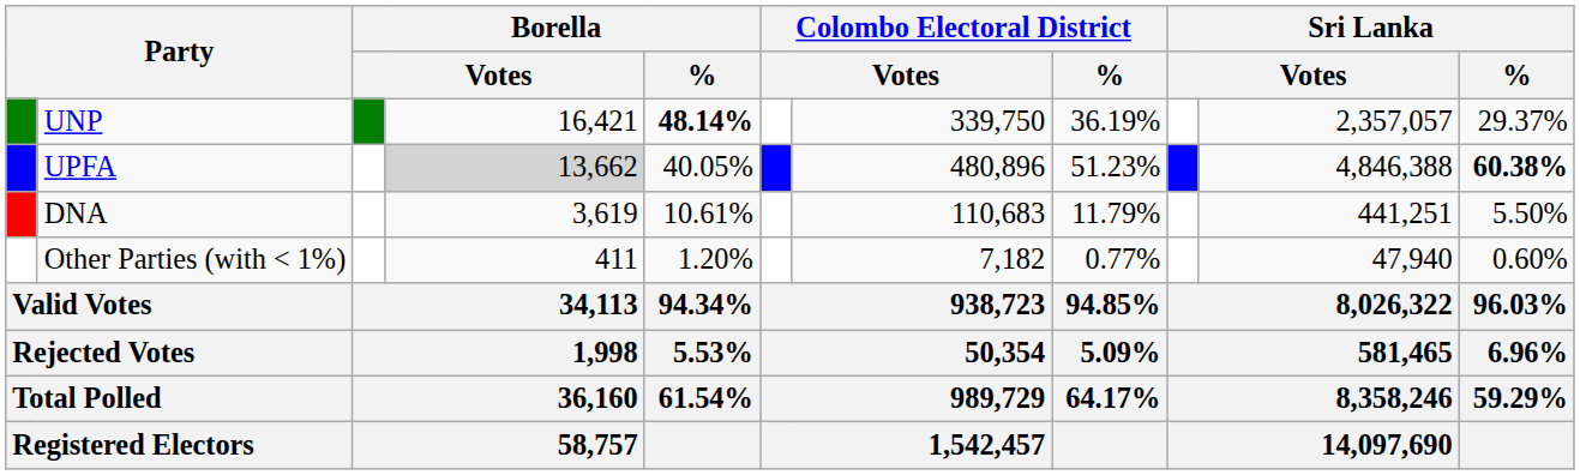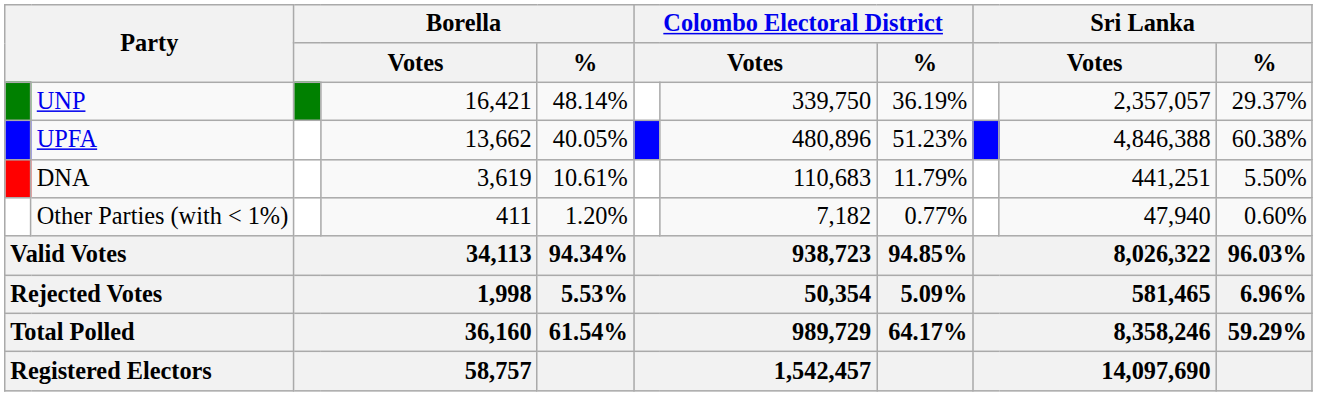 <table class="wikitable">
 <tr>
 <th colspan="2" width="144px"rowspan="2">Party</th>
 <th colspan="3" width="216px">Borella</th>
 <th colspan="3" width="216px"><a href='#'>Colombo Electoral District</a></th>
 <th colspan="3" width="216px">Sri Lanka</th>
 </tr>
 <tr>
 <th colspan="2" width="144px">Votes</th>
 <th>%</th>
 <th colspan="2" width="144px">Votes</th>
 <th>%</th>
 <th colspan="2" width="144px">Votes</th>
 <th>%</th>
 </tr>
 <tr>
 <td style="background-color:green;" width="10px"></td>
 <td style="text-align:left;"><a href='#'>UNP</a></td>
 <td style="background-color:green;" width="10px"></td>
 <td style="text-align:right;">16,421</td>
-<td style="text-align:right;"><strong>48.14%</strong></td>
+<td style="text-align:right;">48.14%</td>
 <td style="background-color:white;" width="10px"></td>
 <td style="text-align:right;">339,750</td>
 <td style="text-align:right;">36.19%</td>
 <td style="background-color:white;" width="10px"></td>
 <td style="text-align:right;">2,357,057</td>
 <td style="text-align:right;">29.37%</td>
 </tr>
 <tr>
 <td style="background-color:blue;" width="10px"></td>
 <td style="text-align:left;"><a href='#'>UPFA</a></td>
 <td style="background-color:white;" width="10px"></td>
-<td style="background: lightgrey; text-align:right;">13,662</td>
+<td style="text-align:right;">13,662</td>
 <td style="text-align:right;">40.05%</td>
 <td style="background-color:blue;" width="10px"></td>
 <td style="text-align:right;">480,896</td>
 <td style="text-align:right;">51.23%</td>
 <td style="background-color:blue;" width="10px"></td>
 <td style="text-align:right;">4,846,388</td>
-<td style="text-align:right;"><strong>60.38%</strong></td>
+<td style="text-align:right;">60.38%</td>
 </tr>
 <tr>
 <td style="background-color:red;" width="10px"></td>
 <td style="text-align:left;">DNA</td>
 <td style="background-color:white;" width="10px"></td>
 <td style="text-align:right;">3,619</td>
 <td style="text-align:right;">10.61%</td>
 <td style="background-color:white;" width="10px"></td>
 <td style="text-align:right;">110,683</td>
 <td style="text-align:right;">11.79%</td>
 <td style="background-color:white;" width="10px"></td>
 <td style="text-align:right;">441,251</td>
 <td style="text-align:right;">5.50%</td>
 </tr>
 <tr>
 <td style="background-color:white;" width="10px"></td>
 <td style="text-align:left;">Other Parties (with < 1%)</td>
 <td style="background-color:white;" width="10px"></td>
 <td style="text-align:right;">411</td>
 <td style="text-align:right;">1.20%</td>
 <td style="background-color:white;" width="10px"></td>
 <td style="text-align:right;">7,182</td>
 <td style="text-align:right;">0.77%</td>
 <td style="background-color:white;" width="10px"></td>
 <td style="text-align:right;">47,940</td>
 <td style="text-align:right;">0.60%</td>
 </tr>
 <tr>
 <th colspan="2" width="144px"style="text-align:left;">Valid Votes</th>
 <th style="text-align:right;"colspan="2" width="144px">34,113</th>
 <th style="text-align:right;">94.34%</th>
 <th style="text-align:right;"colspan="2" width="144px">938,723</th>
 <th style="text-align:right;">94.85%</th>
 <th style="text-align:right;"colspan="2" width="144px">8,026,322</th>
 <th style="text-align:right;">96.03%</th>
 </tr>
 <tr>
 <th colspan="2" width="144px"style="text-align:left;">Rejected Votes</th>
 <th style="text-align:right;"colspan="2" width="144px">1,998</th>
 <th style="text-align:right;">5.53%</th>
 <th style="text-align:right;"colspan="2" width="144px">50,354</th>
 <th style="text-align:right;">5.09%</th>
 <th style="text-align:right;"colspan="2" width="144px">581,465</th>
 <th style="text-align:right;">6.96%</th>
 </tr>
 <tr>
 <th colspan="2" width="144px"style="text-align:left;">Total Polled</th>
 <th style="text-align:right;"colspan="2" width="144px">36,160</th>
 <th style="text-align:right;">61.54%</th>
 <th style="text-align:right;"colspan="2" width="144px">989,729</th>
 <th style="text-align:right;">64.17%</th>
 <th style="text-align:right;"colspan="2" width="144px">8,358,246</th>
 <th style="text-align:right;">59.29%</th>
 </tr>
 <tr>
 <th colspan="2" width="144px"style="text-align:left;">Registered Electors</th>
 <th style="text-align:right;"colspan="2" width="144px">58,757</th>
 <th></th>
 <th style="text-align:right;"colspan="2" width="144px">1,542,457</th>
 <th></th>
 <th style="text-align:right;"colspan="2" width="144px">14,097,690</th>
 <th></th>
 </tr>
 </table>
